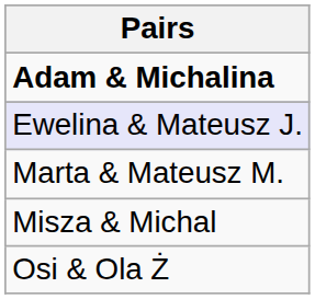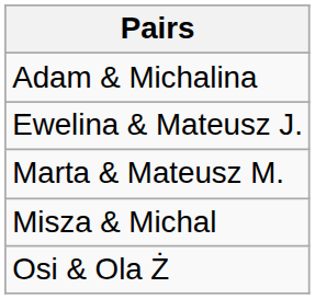 <table class="wikitable">
 <tr>
 <th><strong>Pairs</strong></th>
 </tr>
 <tr>
-<td><strong>Adam & Michalina</strong></td>
+<td>Adam & Michalina</td>
 </tr>
 <tr>
-<td style="background: lavender;">Ewelina & Mateusz J.</td>
+<td>Ewelina & Mateusz J.</td>
 </tr>
 <tr>
 <td>Marta & Mateusz M.</td>
 </tr>
 <tr>
 <td>Misza & Michal</td>
 </tr>
 <tr>
 <td>Osi & Ola Ż</td>
 </tr>
 </table>
